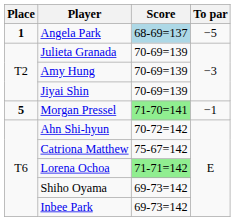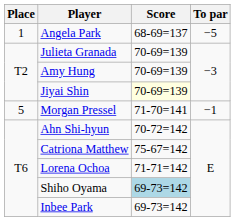 <table class="wikitable">
 <tr>
 <th>Place</th>
 <th>Player</th>
 <th>Score</th>
 <th>To par</th>
 </tr>
 <tr>
-<td align="center"><strong>1</strong></td>
+<td align="center">1</td>
 <td> <a href='#'>Angela Park</a></td>
-<td style="background: lightblue;">68-69=137</td>
+<td>68-69=137</td>
 <td align="center">−5</td>
 </tr>
 <tr>
 <td rowspan="3" align="center">T2</td>
 <td> <a href='#'>Julieta Granada</a></td>
 <td>70-69=139</td>
 <td rowspan="3" align="center">−3</td>
 </tr>
 <tr>
 <td> <a href='#'>Amy Hung</a></td>
 <td>70-69=139</td>
 </tr>
 <tr>
 <td> <a href='#'>Jiyai Shin</a></td>
-<td>70-69=139</td>
+<td style="background: lightyellow;">70-69=139</td>
 </tr>
 <tr>
-<td align="center"><strong>5</strong></td>
+<td align="center">5</td>
 <td> <a href='#'>Morgan Pressel</a></td>
-<td style="background: lightgreen;">71-70=141</td>
+<td>71-70=141</td>
 <td align="center">−1</td>
 </tr>
 <tr>
 <td rowspan="5" align="center">T6</td>
 <td> <a href='#'>Ahn Shi-hyun</a></td>
 <td>70-72=142</td>
 <td rowspan="5" align="center">E</td>
 </tr>
 <tr>
 <td> <a href='#'>Catriona Matthew</a></td>
 <td>75-67=142</td>
 </tr>
 <tr>
 <td> <a href='#'>Lorena Ochoa</a></td>
-<td style="background: lightgreen;">71-71=142</td>
+<td>71-71=142</td>
 </tr>
 <tr>
 <td> Shiho Oyama</td>
-<td>69-73=142</td>
+<td style="background: lightblue;">69-73=142</td>
 </tr>
 <tr>
 <td> <a href='#'>Inbee Park</a></td>
 <td>69-73=142</td>
 </tr>
 </table>
